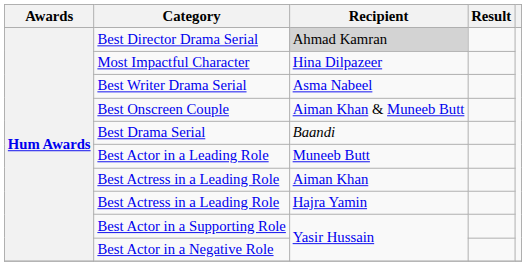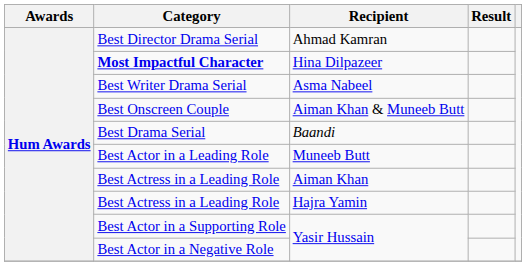 <table class="wikitable sortable">
 <tr>
 <th>Awards</th>
 <th>Category</th>
 <th>Recipient</th>
 <th>Result</th>
 <th scope="col" class="unsortable"></th>
 </tr>
 <tr>
 <th rowspan="10"><a href='#'>Hum Awards</a></th>
 <td><a href='#'>Best Director Drama Serial</a></td>
-<td style="background: lightgrey;">Ahmad Kamran</td>
+<td>Ahmad Kamran</td>
 <td></td>
 <td rowspan="10"></td>
 </tr>
 <tr>
-<td><a href='#'>Most Impactful Character</a></td>
+<td><strong><a href='#'>Most Impactful Character</a></strong></td>
 <td><a href='#'>Hina Dilpazeer</a></td>
 <td></td>
 </tr>
 <tr>
 <td><a href='#'>Best Writer Drama Serial</a></td>
 <td><a href='#'>Asma Nabeel</a></td>
 <td></td>
 </tr>
 <tr>
 <td><a href='#'>Best Onscreen Couple</a></td>
 <td><a href='#'>Aiman Khan</a> & <a href='#'>Muneeb Butt</a></td>
 <td></td>
 </tr>
 <tr>
 <td><a href='#'>Best Drama Serial</a></td>
 <td><em>Baandi</em></td>
 <td></td>
 </tr>
 <tr>
 <td><a href='#'>Best Actor in a Leading Role</a></td>
 <td><a href='#'>Muneeb Butt</a></td>
 <td></td>
 </tr>
 <tr>
 <td><a href='#'>Best Actress in a Leading Role</a></td>
 <td><a href='#'>Aiman Khan</a></td>
 <td></td>
 </tr>
 <tr>
 <td><a href='#'>Best Actress in a Leading Role</a></td>
 <td><a href='#'>Hajra Yamin</a></td>
 <td></td>
 </tr>
 <tr>
 <td><a href='#'>Best Actor in a Supporting Role</a></td>
 <td rowspan="2"><a href='#'>Yasir Hussain</a></td>
 <td></td>
 </tr>
 <tr>
 <td><a href='#'>Best Actor in a Negative Role</a></td>
 <td></td>
 </tr>
 <tr>
 </tr>
 </table>
